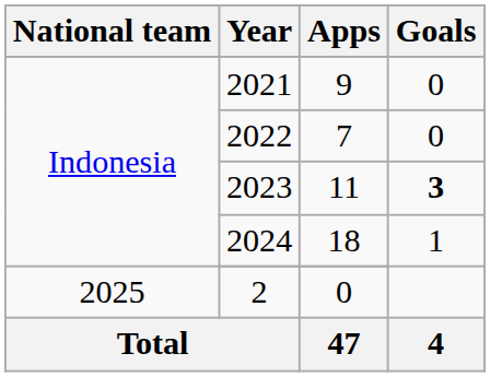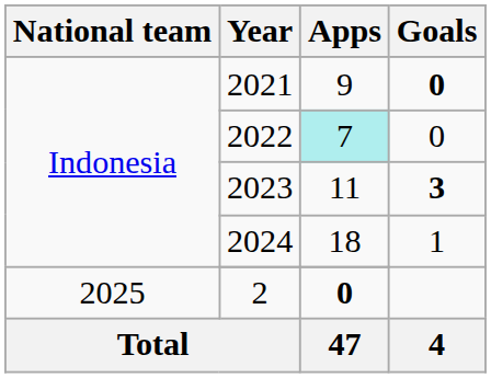 <table class="wikitable" style="text-align:center">
 <tr>
 <th>National team</th>
 <th>Year</th>
 <th>Apps</th>
 <th>Goals</th>
 </tr>
 <tr>
 <td rowspan=5><a href='#'>Indonesia</a></td>
 <td>2021</td>
 <td>9</td>
-<td>0</td>
+<td><strong>0</strong></td>
 </tr>
 <tr>
 <td>2022</td>
-<td>7</td>
+<td style="background: paleturquoise;">7</td>
 <td>0</td>
 </tr>
 <tr>
 <td>2023</td>
 <td>11</td>
 <td><strong>3</strong></td>
 </tr>
 <tr>
 <td>2024</td>
 <td>18</td>
 <td>1</td>
 </tr>
 <tr>
 </tr>
 <tr>
 <td>2025</td>
 <td>2</td>
-<td>0</td>
+<td><strong>0</strong></td>
 </tr>
 <tr>
 <th colspan=2>Total</th>
 <th>47</th>
 <th>4</th>
 </tr>
 </table>
